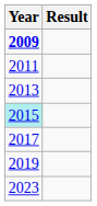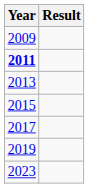 <table class="wikitable" style="text-align:center">
 <tr>
 <th>Year</th>
 <th>Result</th>
 </tr>
 <tr>
-<td><strong><a href='#'>2009</a></strong></td>
+<td><a href='#'>2009</a></td>
 <td></td>
 </tr>
 <tr>
-<td><a href='#'>2011</a></td>
+<td><strong><a href='#'>2011</a></strong></td>
 <td></td>
 </tr>
 <tr>
 <td><a href='#'>2013</a></td>
 <td></td>
 </tr>
 <tr>
-<td style="background: paleturquoise;"><a href='#'>2015</a></td>
+<td><a href='#'>2015</a></td>
 <td></td>
 </tr>
 <tr>
 <td><a href='#'>2017</a></td>
 <td></td>
 </tr>
 <tr>
 <td><a href='#'>2019</a></td>
 <td></td>
 </tr>
 <tr>
 <td><a href='#'>2023</a></td>
 <td></td>
 </tr>
 </table>
